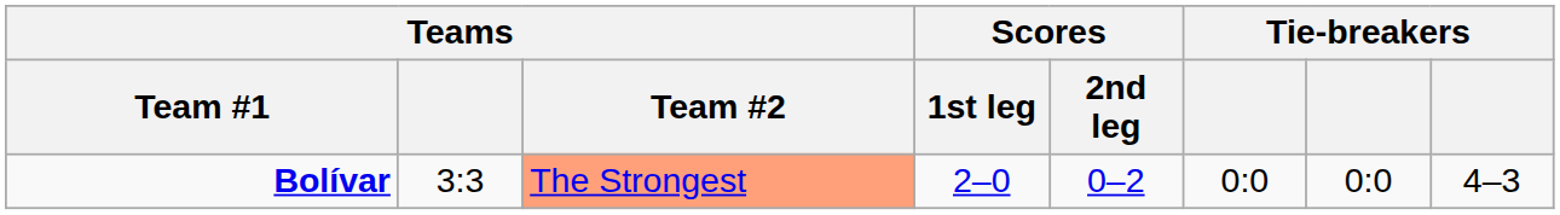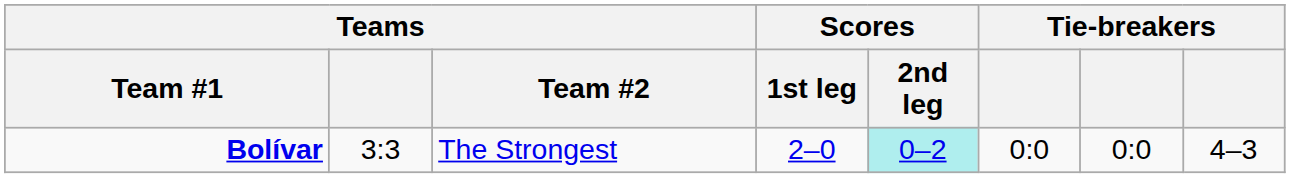 <table class="wikitable" style="text-align: center;">
 <tr>
 <th colspan=3>Teams</th>
 <th colspan=2>Scores</th>
 <th colspan=3>Tie-breakers</th>
 </tr>
 <tr>
 <th width="175">Team #1</th>
 <th width="50"></th>
 <th width="175">Team #2</th>
 <th width="55">1st leg</th>
 <th width="55">2nd leg</th>
 <th width="50"></th>
 <th width="50"></th>
 <th width="50"></th>
 </tr>
 <tr>
 <td align=right><strong><a href='#'>Bolívar</a></strong></td>
 <td>3:3</td>
-<td align=left style="background: lightsalmon;"><a href='#'>The Strongest</a></td>
+<td align=left><a href='#'>The Strongest</a></td>
 <td><a href='#'>2–0</a></td>
-<td><a href='#'>0–2</a></td>
+<td style="background: paleturquoise;"><a href='#'>0–2</a></td>
 <td>0:0</td>
 <td>0:0</td>
 <td>4–3</td>
 </tr>
 </table>
